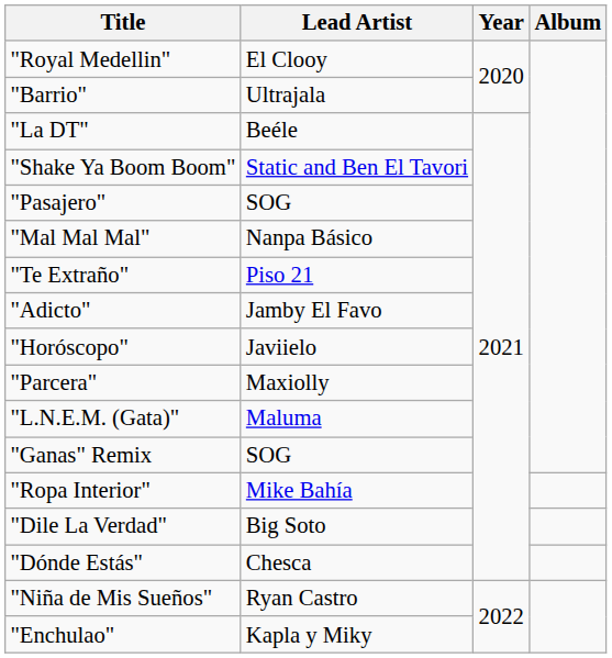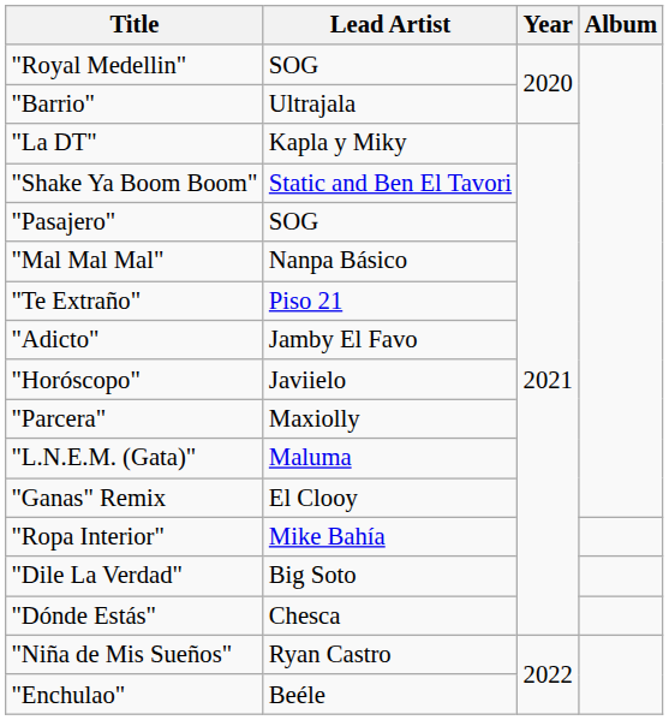 <table class="wikitable">
 <tr>
 <th>Title</th>
 <th>Lead Artist</th>
 <th>Year</th>
 <th>Album</th>
 </tr>
 <tr>
 <td>"Royal Medellin"</td>
-<td>El Clooy</td>
+<td>SOG</td>
 <td rowspan="2">2020</td>
 <td rowspan="12"></td>
 </tr>
 <tr>
 <td>"Barrio"</td>
 <td>Ultrajala</td>
 </tr>
 <tr>
 <td>"La DT"</td>
-<td>Beéle</td>
+<td>Kapla y Miky</td>
 <td rowspan="13">2021</td>
 </tr>
 <tr>
 <td>"Shake Ya Boom Boom"</td>
 <td><a href='#'>Static and Ben El Tavori</a></td>
 </tr>
 <tr>
 <td>"Pasajero"</td>
 <td>SOG</td>
 </tr>
 <tr>
 <td>"Mal Mal Mal"</td>
 <td>Nanpa Básico</td>
 </tr>
 <tr>
 <td>"Te Extraño"</td>
 <td><a href='#'>Piso 21</a></td>
 </tr>
 <tr>
 <td>"Adicto"</td>
 <td>Jamby El Favo</td>
 </tr>
 <tr>
 <td>"Horóscopo"</td>
 <td>Javiielo</td>
 </tr>
 <tr>
 <td>"Parcera"</td>
 <td>Maxiolly</td>
 </tr>
 <tr>
 <td>"L.N.E.M. (Gata)"</td>
 <td><a href='#'>Maluma</a></td>
 </tr>
 <tr>
 <td>"Ganas" Remix</td>
-<td>SOG</td>
+<td>El Clooy</td>
 </tr>
 <tr>
 <td>"Ropa Interior"</td>
 <td><a href='#'>Mike Bahía</a></td>
 <td></td>
 </tr>
 <tr>
 <td>"Dile La Verdad"</td>
 <td>Big Soto</td>
 <td></td>
 </tr>
 <tr>
 <td>"Dónde Estás"</td>
 <td>Chesca</td>
 <td></td>
 </tr>
 <tr>
 <td>"Niña de Mis Sueños"</td>
 <td>Ryan Castro</td>
 <td rowspan="2">2022</td>
 <td rowspan="2"></td>
 </tr>
 <tr>
 <td>"Enchulao"</td>
-<td>Kapla y Miky</td>
+<td>Beéle</td>
 </tr>
 </table>
